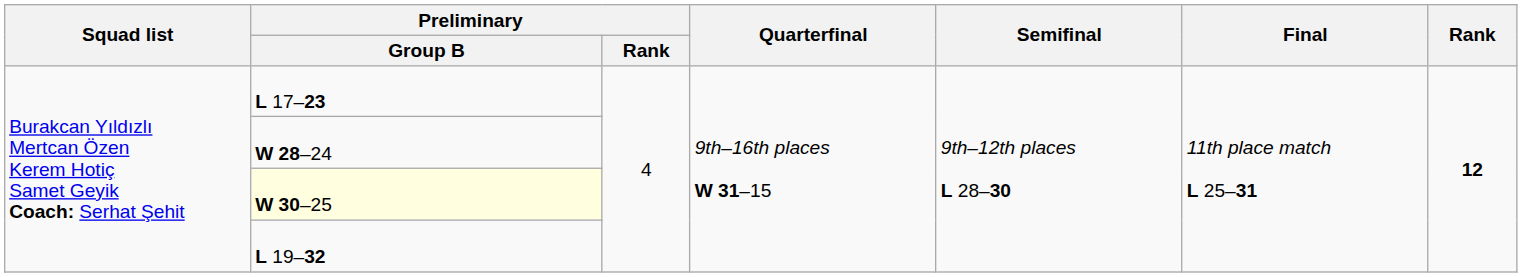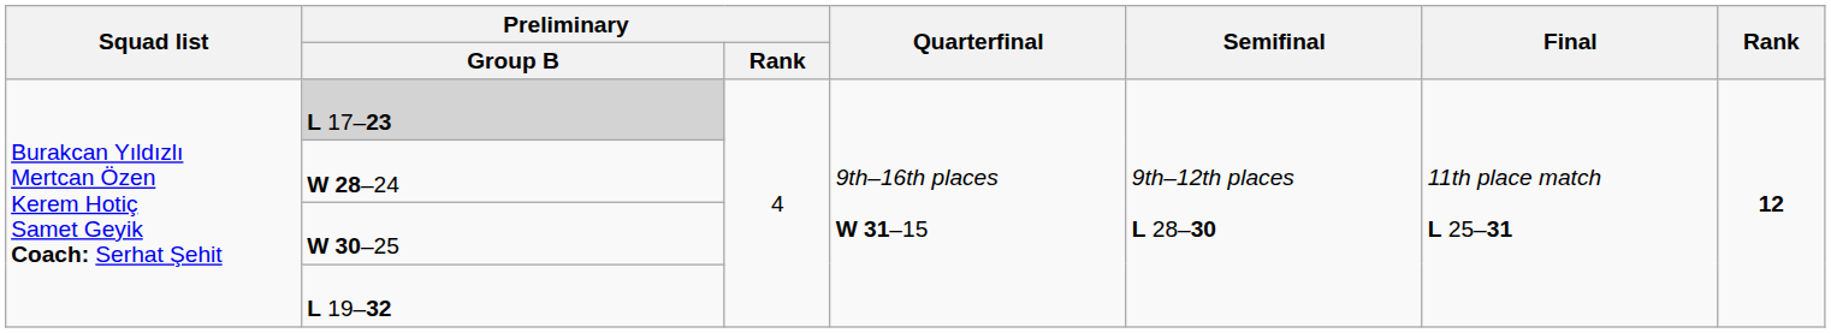 <table class="wikitable" width="90%" style="text-align:left; font-size:90%">
 <tr>
 <th rowspan="2" width="14%">Squad list</th>
 <th colspan="2">Preliminary</th>
 <th rowspan="2" width="14%">Quarterfinal</th>
 <th rowspan="2" width="14%">Semifinal</th>
 <th rowspan="2" width="14%">Final</th>
 <th rowspan="2" width="5%">Rank</th>
 </tr>
 <tr>
 <th width="20%">Group B</th>
 <th width="5%">Rank</th>
 </tr>
 <tr>
 <td rowspan="4"><a href='#'>Burakcan Yıldızlı</a><br><a href='#'>Mertcan Özen</a><br><a href='#'>Kerem Hotiç</a><br><a href='#'>Samet Geyik</a><br><strong>Coach:</strong> <a href='#'>Serhat Şehit</a></td>
-<td><br><strong>L</strong> 17–<strong>23</strong></td>
+<td style="background: lightgrey;"><br><strong>L</strong> 17–<strong>23</strong></td>
 <td rowspan="4" align=center>4</td>
 <td rowspan="4"><em>9th–16th places</em><br><br><strong>W</strong> <strong>31</strong>–15</td>
 <td rowspan="4"><em>9th–12th places</em><br><br><strong>L</strong> 28–<strong>30</strong></td>
 <td rowspan="4"><em>11th place match</em><br><br><strong>L</strong> 25–<strong>31</strong></td>
 <td rowspan="4" align="center"><strong>12</strong></td>
 </tr>
 <tr>
 <td><br><strong>W</strong> <strong>28</strong>–24</td>
 </tr>
 <tr>
-<td style="background: lightyellow;"><br><strong>W</strong> <strong>30</strong>–25</td>
+<td><br><strong>W</strong> <strong>30</strong>–25</td>
 </tr>
 <tr>
 <td><br><strong>L</strong> 19–<strong>32</strong></td>
 </tr>
 </table>
